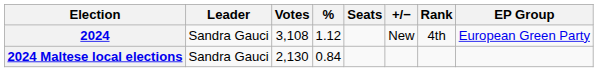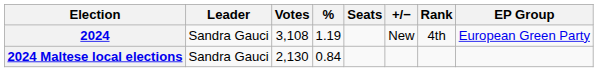 <table class="wikitable" style="text-align:center">
 <tr>
 <th>Election</th>
 <th>Leader</th>
 <th>Votes</th>
 <th>%</th>
 <th>Seats</th>
 <th>+/−</th>
 <th>Rank</th>
 <th>EP Group</th>
 </tr>
 <tr>
 <th><a href='#'>2024</a></th>
 <td>Sandra Gauci</td>
 <td>3,108</td>
-<td>1.12</td>
+<td>1.19</td>
 <td></td>
 <td>New</td>
 <td>4th</td>
 <td><a href='#'>European Green Party</a></td>
 </tr>
 <tr>
 <th><a href='#'>2024 Maltese local elections</a></th>
 <td>Sandra Gauci</td>
 <td>2,130</td>
 <td>0.84</td>
 <td></td>
 <td></td>
 <td></td>
 <td></td>
 </tr>
 </table>
